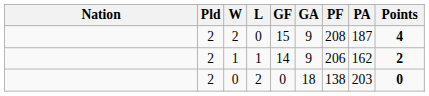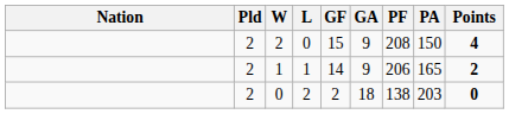 <table class=wikitable style="text-align:center">
 <tr>
 <th width=220>Nation</th>
 <th width=20>Pld</th>
 <th width=20>W</th>
 <th width=20>L</th>
 <th width=20>GF</th>
 <th width=20>GA</th>
 <th width=20>PF</th>
 <th width=20>PA</th>
 <th width=50>Points</th>
 </tr>
 <tr>
 <td align=left></td>
 <td>2</td>
 <td>2</td>
 <td>0</td>
 <td>15</td>
 <td>9</td>
 <td>208</td>
-<td>187</td>
+<td>150</td>
 <td><strong>4</strong></td>
 </tr>
 <tr>
 <td align=left></td>
 <td>2</td>
 <td>1</td>
 <td>1</td>
 <td>14</td>
 <td>9</td>
 <td>206</td>
-<td>162</td>
+<td>165</td>
 <td><strong>2</strong></td>
 </tr>
 <tr>
 <td align=left></td>
 <td>2</td>
 <td>0</td>
 <td>2</td>
-<td>0</td>
+<td>2</td>
 <td>18</td>
 <td>138</td>
 <td>203</td>
 <td><strong>0</strong></td>
 </tr>
 </table>
